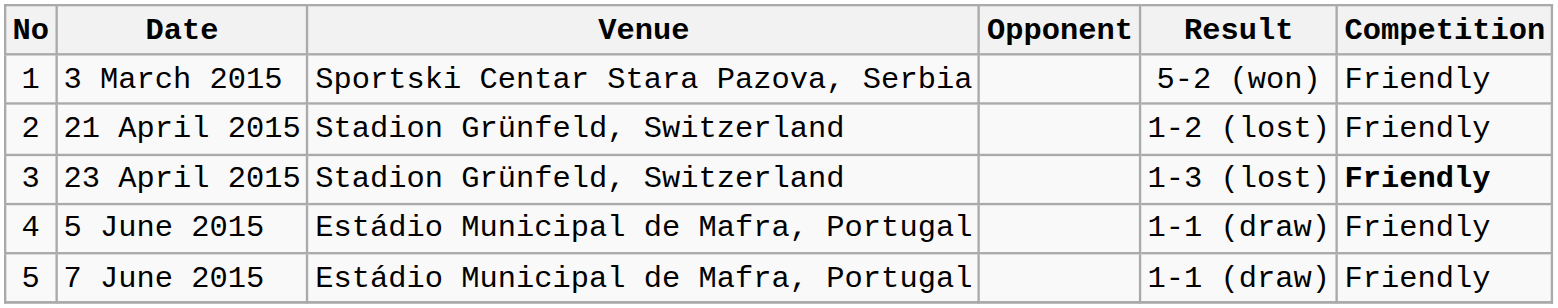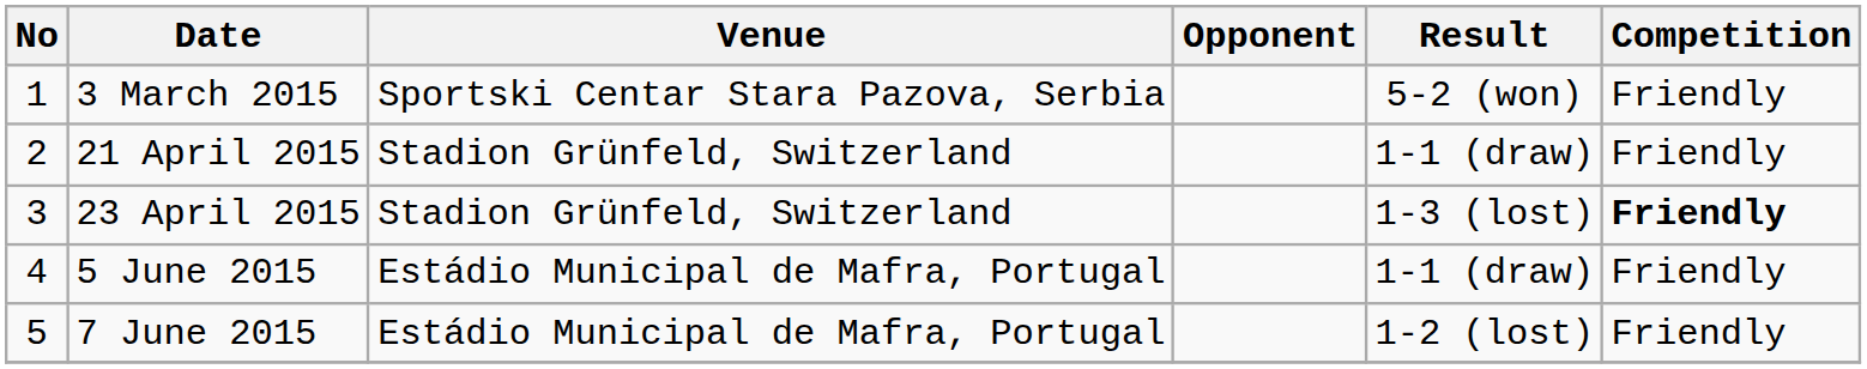 <table class="wikitable">
 <tr>
 <th>No</th>
 <th>Date</th>
 <th>Venue</th>
 <th>Opponent</th>
 <th>Result</th>
 <th>Competition</th>
 </tr>
 <tr>
 <td align=center>1</td>
 <td>3 March 2015</td>
 <td>Sportski Centar Stara Pazova, Serbia</td>
 <td></td>
 <td align=center>5-2 (won)</td>
 <td>Friendly</td>
 </tr>
 <tr>
 <td align=center>2</td>
 <td>21 April 2015</td>
 <td>Stadion Grünfeld, Switzerland</td>
 <td></td>
-<td align=center>1-2 (lost)</td>
+<td align=center>1-1 (draw)</td>
 <td>Friendly</td>
 </tr>
 <tr>
 <td align=center>3</td>
 <td>23 April 2015</td>
 <td>Stadion Grünfeld, Switzerland</td>
 <td></td>
 <td align=center>1-3 (lost)</td>
 <td><strong>Friendly</strong></td>
 </tr>
 <tr>
 <td align=center>4</td>
 <td>5 June 2015</td>
 <td>Estádio Municipal de Mafra, Portugal</td>
 <td></td>
 <td align=center>1-1 (draw)</td>
 <td>Friendly</td>
 </tr>
 <tr>
 <td align=center>5</td>
 <td>7 June 2015</td>
 <td>Estádio Municipal de Mafra, Portugal</td>
 <td></td>
-<td align=center>1-1 (draw)</td>
+<td align=center>1-2 (lost)</td>
 <td>Friendly</td>
 </tr>
 <tr>
 </tr>
 </table>
